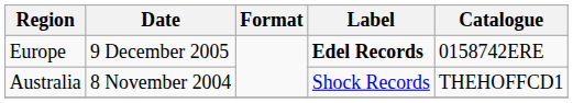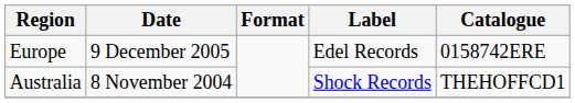 <table class="wikitable plainrowheaders">
 <tr>
 <th scope="col">Region</th>
 <th scope="col">Date</th>
 <th scope="col">Format</th>
 <th scope="col">Label</th>
 <th scope="col">Catalogue</th>
 </tr>
 <tr>
 <td>Europe</td>
 <td>9 December 2005</td>
 <td rowspan="2"></td>
-<td><strong>Edel Records</strong></td>
+<td>Edel Records</td>
 <td>0158742ERE</td>
 </tr>
 <tr>
 <td>Australia</td>
 <td>8 November 2004</td>
 <td><a href='#'>Shock Records</a></td>
 <td>THEHOFFCD1</td>
 </tr>
 <tr>
 </tr>
 </table>
